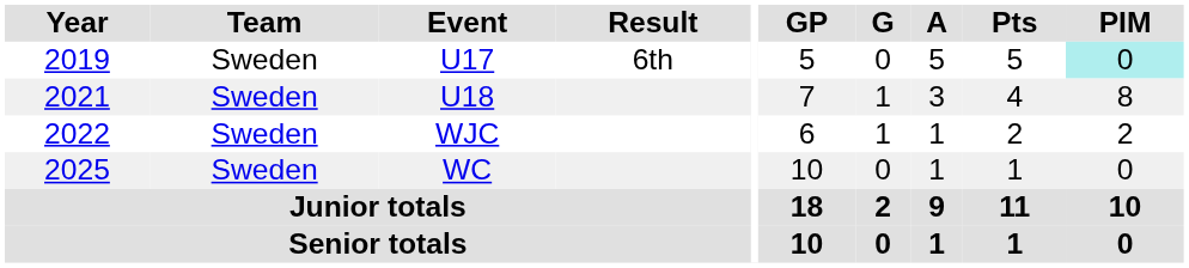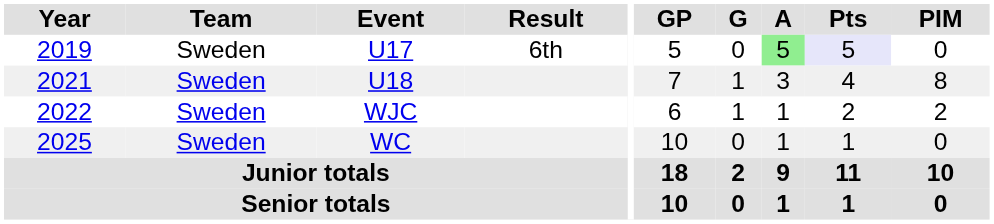 <table border="0" cellpadding="1" cellspacing="0" ID="Table3" style="text-align:center; width:40em">
 <tr bgcolor="#e0e0e0">
 <th>Year</th>
 <th>Team</th>
 <th>Event</th>
 <th>Result</th>
 <th rowspan="99" bgcolor="#ffffff"></th>
 <th>GP</th>
 <th>G</th>
 <th>A</th>
 <th>Pts</th>
 <th>PIM</th>
 </tr>
 <tr>
 <td><a href='#'>2019</a></td>
 <td>Sweden</td>
 <td><a href='#'>U17</a></td>
 <td>6th</td>
 <td>5</td>
 <td>0</td>
-<td>5</td>
-<td>5</td>
-<td style="background: paleturquoise;">0</td>
+<td style="background: lightgreen;">5</td>
+<td style="background: lavender;">5</td>
+<td>0</td>
 </tr>
 <tr bgcolor="#f0f0f0">
 <td><a href='#'>2021</a></td>
 <td><a href='#'>Sweden</a></td>
 <td><a href='#'>U18</a></td>
 <td></td>
 <td>7</td>
 <td>1</td>
 <td>3</td>
 <td>4</td>
 <td>8</td>
 </tr>
 <tr>
 <td><a href='#'>2022</a></td>
 <td><a href='#'>Sweden</a></td>
 <td><a href='#'>WJC</a></td>
 <td></td>
 <td>6</td>
 <td>1</td>
 <td>1</td>
 <td>2</td>
 <td>2</td>
 </tr>
 <tr bgcolor="#f0f0f0">
 <td><a href='#'>2025</a></td>
 <td><a href='#'>Sweden</a></td>
 <td><a href='#'>WC</a></td>
 <td></td>
 <td>10</td>
 <td>0</td>
 <td>1</td>
 <td>1</td>
 <td>0</td>
 </tr>
 <tr bgcolor="#e0e0e0">
 <th colspan="4">Junior totals</th>
 <th>18</th>
 <th>2</th>
 <th>9</th>
 <th>11</th>
 <th>10</th>
 </tr>
 <tr bgcolor="#e0e0e0">
 <th colspan="4">Senior totals</th>
 <th>10</th>
 <th>0</th>
 <th>1</th>
 <th>1</th>
 <th>0</th>
 </tr>
 </table>
